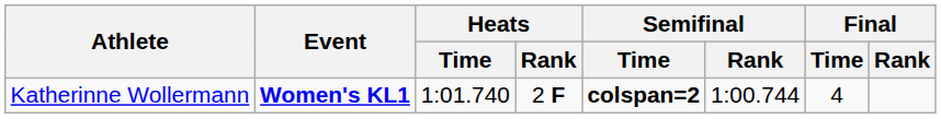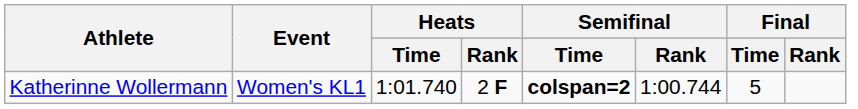 <table class="wikitable" style="font-size:90%">
 <tr>
 <th rowspan="2">Athlete</th>
 <th rowspan="2">Event</th>
 <th colspan="2">Heats</th>
 <th colspan="2">Semifinal</th>
 <th colspan="2">Final</th>
 </tr>
 <tr>
 <th>Time</th>
 <th>Rank</th>
 <th>Time</th>
 <th>Rank</th>
 <th>Time</th>
 <th>Rank</th>
 </tr>
 <tr align=center>
 <td align=left><a href='#'>Katherinne Wollermann</a></td>
-<td align=left><strong><a href='#'>Women's KL1</a></strong></td>
+<td align=left><a href='#'>Women's KL1</a></td>
 <td>1:01.740</td>
 <td>2 <strong>F</strong></td>
 <td><strong>colspan=2</strong></td>
 <td>1:00.744</td>
-<td>4</td>
+<td>5</td>
 </tr>
 </table>
